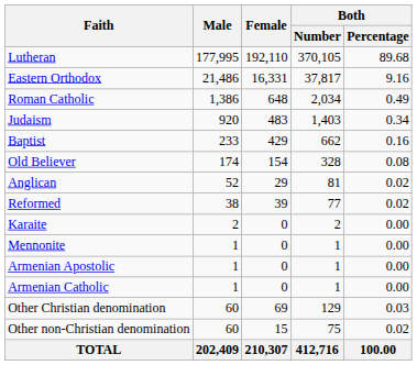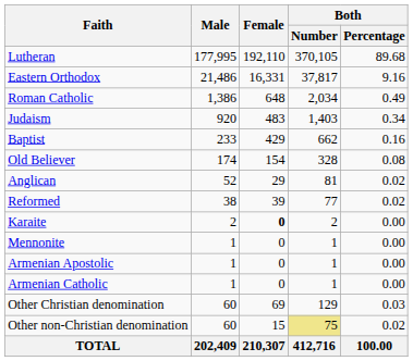 <table class="wikitable sortable">
 <tr>
 <th rowspan=2>Faith</th>
 <th rowspan=2>Male</th>
 <th rowspan=2>Female</th>
 <th colspan=2>Both</th>
 </tr>
 <tr>
 <th>Number</th>
 <th>Percentage</th>
 </tr>
 <tr>
 <td><a href='#'>Lutheran</a></td>
 <td align="right">177,995</td>
 <td align="right">192,110</td>
 <td align="right">370,105</td>
 <td align="right">89.68</td>
 </tr>
 <tr>
 <td><a href='#'>Eastern Orthodox</a></td>
 <td align="right">21,486</td>
 <td align="right">16,331</td>
 <td align="right">37,817</td>
 <td align="right">9.16</td>
 </tr>
 <tr>
 <td><a href='#'>Roman Catholic</a></td>
 <td align="right">1,386</td>
 <td align="right">648</td>
 <td align="right">2,034</td>
 <td align="right">0.49</td>
 </tr>
 <tr>
 <td><a href='#'>Judaism</a></td>
 <td align="right">920</td>
 <td align="right">483</td>
 <td align="right">1,403</td>
 <td align="right">0.34</td>
 </tr>
 <tr>
 <td><a href='#'>Baptist</a></td>
 <td align="right">233</td>
 <td align="right">429</td>
 <td align="right">662</td>
 <td align="right">0.16</td>
 </tr>
 <tr>
 <td><a href='#'>Old Believer</a></td>
 <td align="right">174</td>
 <td align="right">154</td>
 <td align="right">328</td>
 <td align="right">0.08</td>
 </tr>
 <tr>
 <td><a href='#'>Anglican</a></td>
 <td align="right">52</td>
 <td align="right">29</td>
 <td align="right">81</td>
 <td align="right">0.02</td>
 </tr>
 <tr>
 <td><a href='#'>Reformed</a></td>
 <td align="right">38</td>
 <td align="right">39</td>
 <td align="right">77</td>
 <td align="right">0.02</td>
 </tr>
 <tr>
 <td><a href='#'>Karaite</a></td>
 <td align="right">2</td>
-<td align="right">0</td>
+<td align="right"><strong>0</strong></td>
 <td align="right">2</td>
 <td align="right">0.00</td>
 </tr>
 <tr>
 <td><a href='#'>Mennonite</a></td>
 <td align="right">1</td>
 <td align="right">0</td>
 <td align="right">1</td>
 <td align="right">0.00</td>
 </tr>
 <tr>
 <td><a href='#'>Armenian Apostolic</a></td>
 <td align="right">1</td>
 <td align="right">0</td>
 <td align="right">1</td>
 <td align="right">0.00</td>
 </tr>
 <tr>
 <td><a href='#'>Armenian Catholic</a></td>
 <td align="right">1</td>
 <td align="right">0</td>
 <td align="right">1</td>
 <td align="right">0.00</td>
 </tr>
 <tr>
 <td>Other Christian denomination</td>
 <td align="right">60</td>
 <td align="right">69</td>
 <td align="right">129</td>
 <td align="right">0.03</td>
 </tr>
 <tr>
 <td>Other non-Christian denomination</td>
 <td align="right">60</td>
 <td align="right">15</td>
-<td align="right">75</td>
+<td align="right" style="background: khaki;">75</td>
 <td align="right">0.02</td>
 </tr>
 <tr>
 <th>TOTAL</th>
 <th>202,409</th>
 <th>210,307</th>
 <th>412,716</th>
 <th>100.00</th>
 </tr>
 </table>
